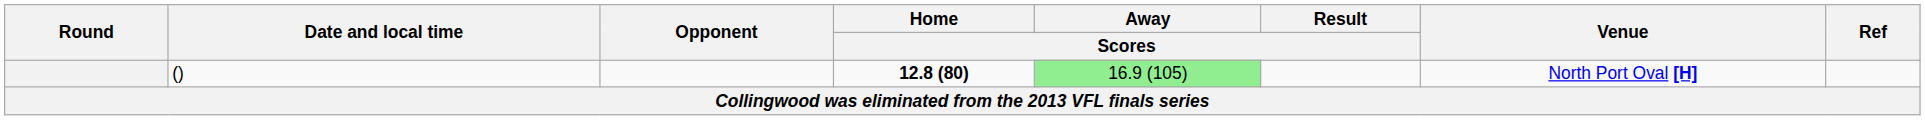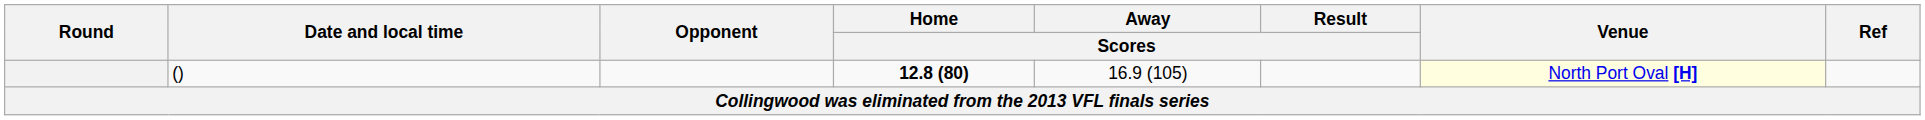 <table class="wikitable plainrowheaders" style="font-size:90%; width:100%; text-align:center;">
 <tr>
 <th scope="col" rowspan="2">Round</th>
 <th scope="col" rowspan="2">Date and local time</th>
 <th scope="col" rowspan="2">Opponent</th>
 <th scope="col">Home</th>
 <th scope="col">Away</th>
 <th scope="col">Result</th>
 <th scope="col" rowspan="2">Venue</th>
 <th scope="col" class="unsortable" rowspan=2>Ref</th>
 </tr>
 <tr>
 <th scope="col" colspan="3">Scores</th>
 </tr>
 <tr>
 <th scope="row"></th>
 <td align=left> ()</td>
 <td align=left></td>
 <td><strong>12.8 (80)</strong></td>
-<td style="background: lightgreen;">16.9 (105)</td>
+<td>16.9 (105)</td>
 <td></td>
-<td><a href='#'>North Port Oval</a> <a href='#'><strong>[H]</strong></a></td>
+<td style="background: lightyellow;"><a href='#'>North Port Oval</a> <a href='#'><strong>[H]</strong></a></td>
 <td></td>
 </tr>
 <tr>
 <th colspan=8><span><em>Collingwood was eliminated from the 2013 VFL finals series</em></span></th>
 </tr>
 </table>
